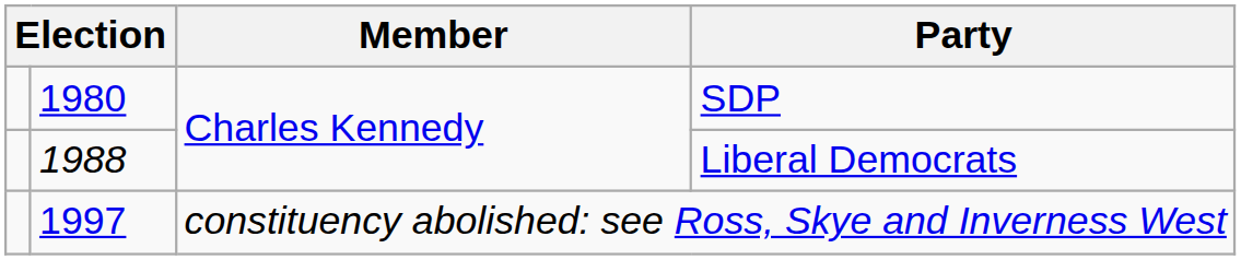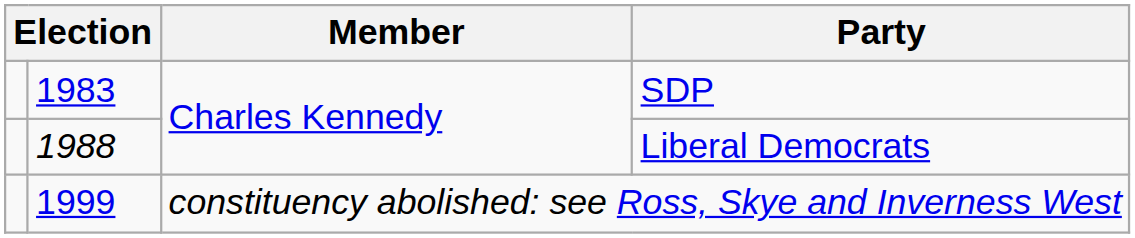 <table class="wikitable">
 <tr>
 <th colspan=2>Election</th>
 <th>Member</th>
 <th>Party</th>
 </tr>
 <tr>
 <td style="color:inherit;background-color: "></td>
-<td><a href='#'>1980</a></td>
+<td><a href='#'>1983</a></td>
 <td rowspan="2"><a href='#'>Charles Kennedy</a></td>
 <td><a href='#'>SDP</a></td>
 </tr>
 <tr>
 <td style="color:inherit;background-color: "></td>
 <td><em>1988</em></td>
 <td><a href='#'>Liberal Democrats</a></td>
 </tr>
 <tr>
 <td></td>
-<td><a href='#'>1997</a></td>
+<td><a href='#'>1999</a></td>
 <td colspan="3"><em>constituency abolished: see <a href='#'>Ross, Skye and Inverness West</a></em></td>
 </tr>
 </table>
